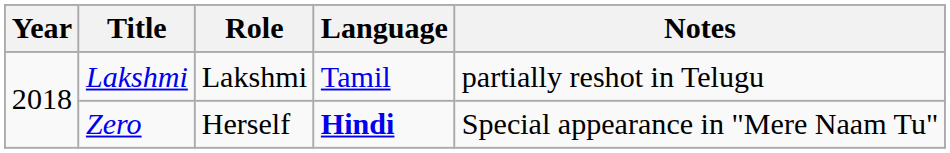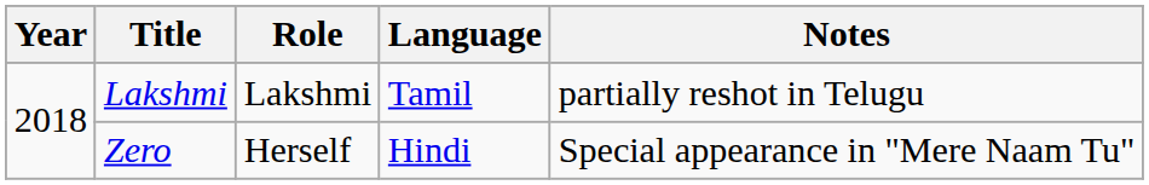 <table class="wikitable sortable plainrowheaders" id="filmography">
 <tr style="background:#ccc; text-align:center;">
 <th>Year</th>
 <th>Title</th>
 <th>Role</th>
 <th>Language</th>
 <th>Notes</th>
 </tr>
 <tr>
 <td rowspan="2">2018</td>
 <td><em><a href='#'>Lakshmi</a></em></td>
 <td>Lakshmi</td>
 <td><a href='#'>Tamil</a></td>
 <td>partially reshot in Telugu</td>
 </tr>
 <tr>
 <td><em><a href='#'>Zero</a></em></td>
 <td>Herself</td>
-<td><strong><a href='#'>Hindi</a></strong></td>
+<td><a href='#'>Hindi</a></td>
 <td>Special appearance in "Mere Naam Tu"</td>
 </tr>
 </table>
